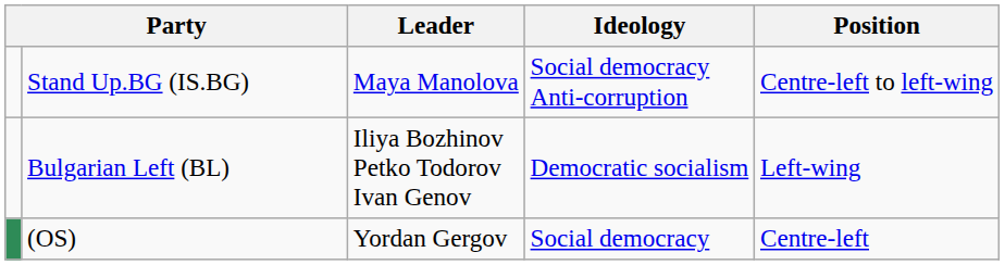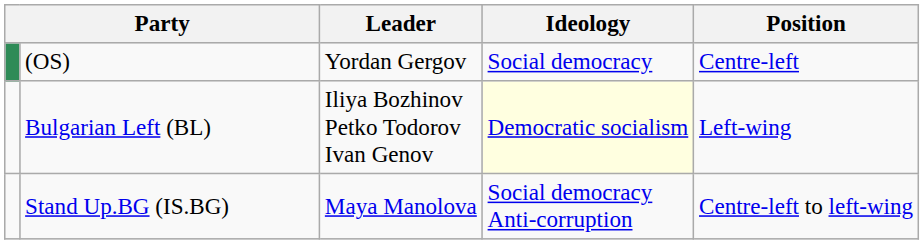 <table class="wikitable" style="font-size:95%; white-space: nowrap">
 <tr>
 <th style="width:200px" colspan="2">Party</th>
 <th style="width:100px">Leader</th>
 <th style="width:120px">Ideology</th>
 <th style="width:100px">Position</th>
 </tr>
 <tr>
+<td bgcolor="#2E8B57"></td>
+<td> (OS)</td>
+<td>Yordan Gergov</td>
+<td><a href='#'>Social democracy</a></td>
+<td><a href='#'>Centre-left</a></td>
+</tr>
+<tr>
+<td></td>
+<td><a href='#'>Bulgarian Left</a> (BL)</td>
+<td>Iliya Bozhinov<br>Petko Todorov<br>Ivan Genov</td>
+<td style="background: lightyellow;"><a href='#'>Democratic socialism</a></td>
+<td><a href='#'>Left-wing</a></td>
+</tr>
+<tr>
 <td style="background:"></td>
 <td><a href='#'>Stand Up.BG</a> (IS.BG)</td>
 <td><a href='#'>Maya Manolova</a></td>
 <td><a href='#'>Social democracy</a><br><a href='#'>Anti-corruption</a></td>
 <td><a href='#'>Centre-left</a> to <a href='#'>left-wing</a></td>
 </tr>
-<tr>
-<td></td>
-<td><a href='#'>Bulgarian Left</a> (BL)</td>
-<td>Iliya Bozhinov<br>Petko Todorov<br>Ivan Genov</td>
-<td><a href='#'>Democratic socialism</a></td>
-<td><a href='#'>Left-wing</a></td>
-</tr>
-<tr>
-<td bgcolor="#2E8B57"></td>
-<td> (OS)</td>
-<td>Yordan Gergov</td>
-<td><a href='#'>Social democracy</a></td>
-<td><a href='#'>Centre-left</a></td>
-</tr>
 </table>
